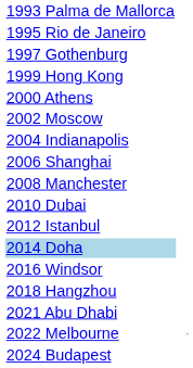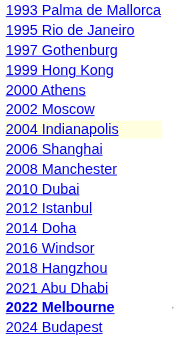 <table>
 <tr>
 <td><a href='#'>1993 Palma de Mallorca</a></td>
 <td></td>
 <td></td>
 <td></td>
 </tr>
 <tr>
 <td><a href='#'>1995 Rio de Janeiro</a></td>
 <td></td>
 <td></td>
 <td></td>
 </tr>
 <tr>
 <td><a href='#'>1997 Gothenburg</a></td>
 <td></td>
 <td></td>
 <td></td>
 </tr>
 <tr>
 <td><a href='#'>1999 Hong Kong</a></td>
 <td></td>
 <td></td>
 <td></td>
 </tr>
 <tr>
 <td><a href='#'>2000 Athens</a></td>
 <td></td>
 <td></td>
 <td></td>
 </tr>
 <tr>
 <td><a href='#'>2002 Moscow</a></td>
 <td></td>
 <td></td>
 <td></td>
 </tr>
 <tr>
-<td><a href='#'>2004 Indianapolis</a></td>
+<td style="background: lightyellow;"><a href='#'>2004 Indianapolis</a></td>
 <td></td>
 <td></td>
 <td></td>
 </tr>
 <tr>
 <td><a href='#'>2006 Shanghai</a></td>
 <td></td>
 <td></td>
 <td></td>
 </tr>
 <tr>
 <td><a href='#'>2008 Manchester</a></td>
 <td></td>
 <td></td>
 <td></td>
 </tr>
 <tr>
 <td><a href='#'>2010 Dubai</a></td>
 <td></td>
 <td></td>
 <td></td>
 </tr>
 <tr>
 <td><a href='#'>2012 Istanbul</a></td>
 <td></td>
 <td></td>
 <td></td>
 </tr>
 <tr>
-<td style="background: lightblue;"><a href='#'>2014 Doha</a></td>
+<td><a href='#'>2014 Doha</a></td>
 <td></td>
 <td></td>
 <td></td>
 </tr>
 <tr>
 <td><a href='#'>2016 Windsor</a></td>
 <td></td>
 <td></td>
 <td></td>
 </tr>
 <tr>
 <td rowspan=2><a href='#'>2018 Hangzhou</a></td>
 <td rowspan=2></td>
 <td rowspan=2></td>
 <td></td>
 </tr>
 <tr>
 <td></td>
 </tr>
 <tr>
 <td><a href='#'>2021 Abu Dhabi</a></td>
 <td></td>
 <td></td>
 <td></td>
 </tr>
 <tr>
-<td><a href='#'>2022 Melbourne</a></td>
+<td><strong><a href='#'>2022 Melbourne</a></strong></td>
 <td></td>
 <td></td>
 <td><hr></td>
 </tr>
 <tr>
 <td><a href='#'>2024 Budapest</a></td>
 <td></td>
 <td></td>
 <td></td>
 </tr>
 </table>
